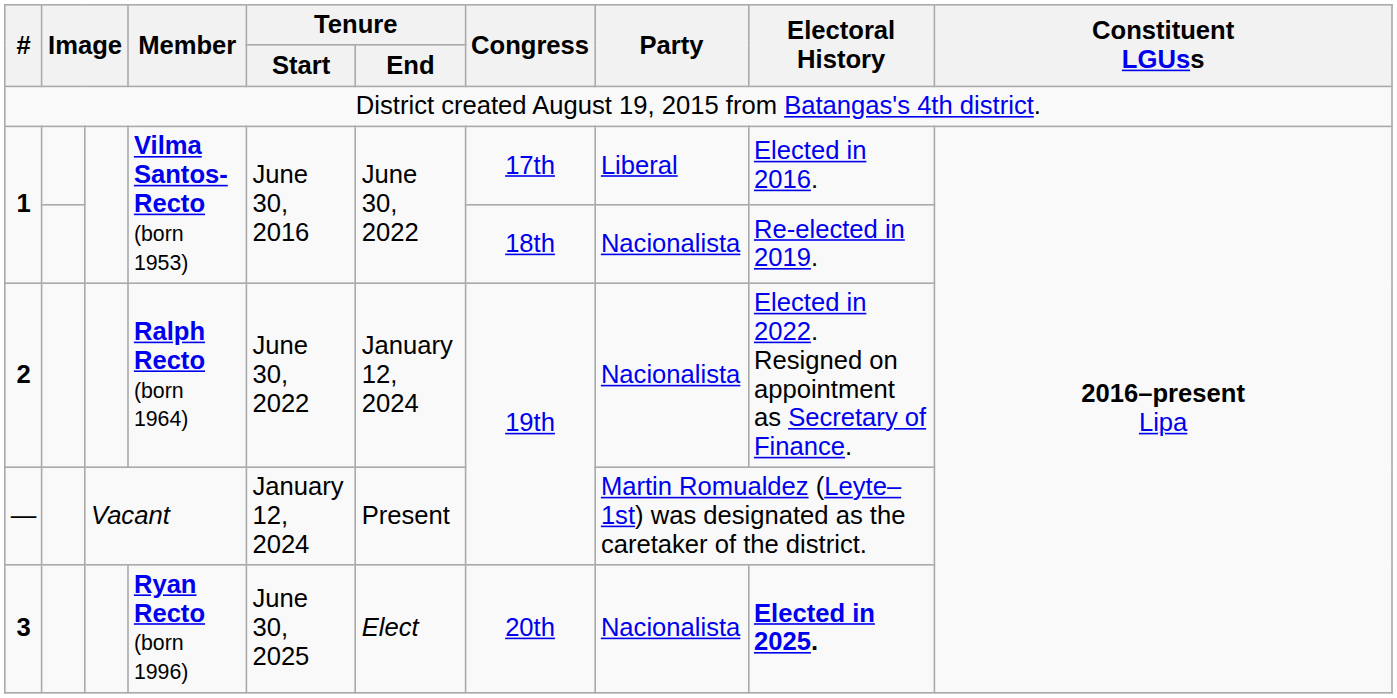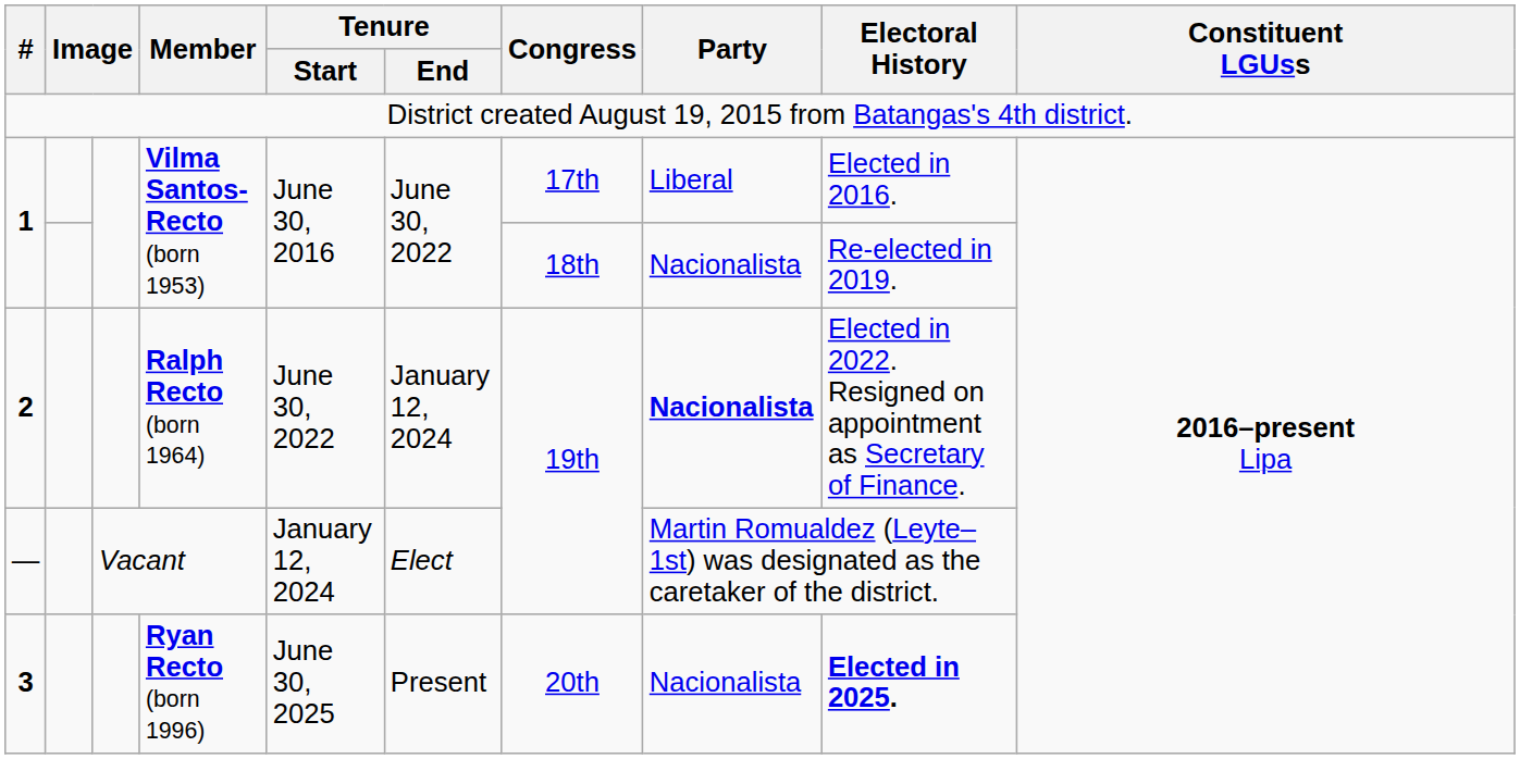 <table class="wikitable">
 <tr>
 <th rowspan="2">#</th>
 <th rowspan=2 colspan=2>Image</th>
 <th rowspan="2">Member</th>
 <th colspan="2">Tenure</th>
 <th rowspan="2">Congress</th>
 <th rowspan="2">Party</th>
 <th rowspan="2">Electoral History</th>
 <th rowspan="2" width="33%">Constituent<br><a href='#'>LGUs</a>s</th>
 </tr>
 <tr>
 <th>Start</th>
 <th>End</th>
 </tr>
 <tr>
 <td colspan="10" style="text-align:center;">District created August 19, 2015 from <a href='#'>Batangas's 4th district</a>.</td>
 </tr>
 <tr>
 <td rowspan="2" style="text-align:center;"><strong>1</strong></td>
 <td style="color:inherit;background:"></td>
 <td rowspan="2"></td>
 <td rowspan="2"><a href='#'><strong>Vilma Santos-Recto</strong></a><br><small>(born 1953)</small></td>
 <td rowspan="2">June 30, 2016</td>
 <td rowspan="2">June 30, 2022</td>
 <td style="text-align:center;"><a href='#'>17th</a></td>
 <td><a href='#'>Liberal</a></td>
 <td><a href='#'>Elected in 2016</a>.</td>
 <td rowspan="5" style="text-align:center;"><strong>2016–present</strong><br><a href='#'>Lipa</a></td>
 </tr>
 <tr>
 <td style="color:inherit;background:"></td>
 <td style="text-align:center;"><a href='#'>18th</a></td>
 <td><a href='#'>Nacionalista</a></td>
 <td><a href='#'>Re-elected in 2019</a>.</td>
 </tr>
 <tr>
 <td style="text-align:center;"><strong>2</strong></td>
 <td style="color:inherit;background:"></td>
 <td></td>
 <td><strong><a href='#'>Ralph Recto</a></strong><br><small>(born 1964)</small></td>
 <td>June 30, 2022</td>
 <td>January 12, 2024</td>
 <td style="text-align:center;" rowspan="2"><a href='#'>19th</a></td>
-<td><a href='#'>Nacionalista</a></td>
+<td><strong><a href='#'>Nacionalista</a></strong></td>
 <td><a href='#'>Elected in 2022</a>.<br>Resigned on appointment as <a href='#'>Secretary of Finance</a>.</td>
 </tr>
 <tr>
 <td style="text-align:center;">—</td>
 <td></td>
 <td colspan=2><em>Vacant</em></td>
 <td>January 12, 2024</td>
-<td>Present</td>
+<td><em>Elect</em></td>
 <td colspan="2"><a href='#'>Martin Romualdez</a> (<a href='#'>Leyte–1st</a>) was designated as the caretaker of the district.</td>
 </tr>
 <tr>
 <td style="text-align:center;"><strong>3</strong></td>
 <td style="color:inherit;background:"></td>
 <td></td>
 <td><strong><a href='#'>Ryan Recto</a></strong><br><small>(born 1996)</small></td>
 <td>June 30, 2025</td>
-<td><em>Elect</em></td>
+<td>Present</td>
 <td style="text-align:center;" rowspan="2"><a href='#'>20th</a></td>
 <td><a href='#'>Nacionalista</a></td>
 <td><strong><a href='#'>Elected in 2025</a>.</strong></td>
 </tr>
 </table>
